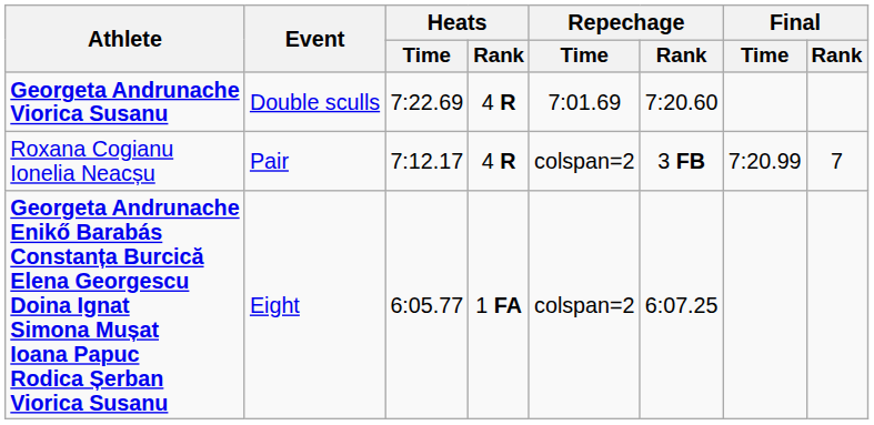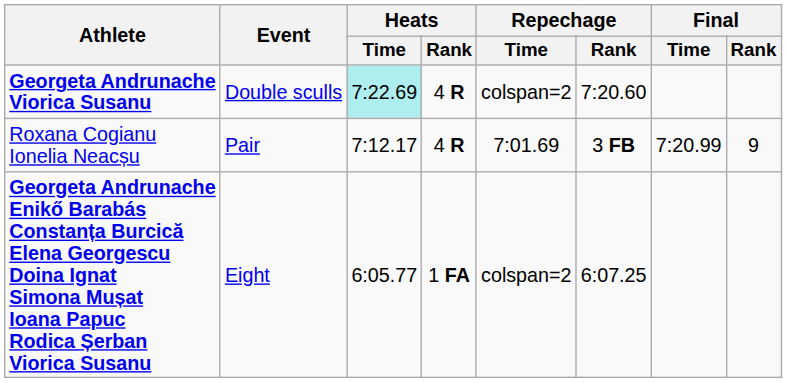 <table class="wikitable" style="font-size:90%">
 <tr>
 <th rowspan="2">Athlete</th>
 <th rowspan="2">Event</th>
 <th colspan="2">Heats</th>
 <th colspan="2">Repechage</th>
 <th colspan="2">Final</th>
 </tr>
 <tr style="font-size:95%">
 <th>Time</th>
 <th>Rank</th>
 <th>Time</th>
 <th>Rank</th>
 <th>Time</th>
 <th>Rank</th>
 </tr>
 <tr align=center>
 <td align=left><strong><a href='#'>Georgeta Andrunache</a><br><a href='#'>Viorica Susanu</a></strong></td>
 <td align=left><a href='#'>Double sculls</a></td>
-<td>7:22.69</td>
+<td style="background: paleturquoise;">7:22.69</td>
 <td>4 <strong>R</strong></td>
-<td>7:01.69</td>
+<td>colspan=2 </td>
 <td>7:20.60</td>
 <td></td>
 </tr>
 <tr align=center>
 <td align=left><a href='#'>Roxana Cogianu</a><br><a href='#'>Ionelia Neacșu</a></td>
 <td align=left><a href='#'>Pair</a></td>
 <td>7:12.17</td>
 <td>4 <strong>R</strong></td>
-<td>colspan=2 </td>
+<td>7:01.69</td>
 <td>3 <strong>FB</strong></td>
 <td>7:20.99</td>
-<td>7</td>
+<td>9</td>
 </tr>
 <tr align=center>
 <td align=left><strong><a href='#'>Georgeta Andrunache</a><br><a href='#'>Enikő Barabás</a><br><a href='#'>Constanța Burcică</a><br><a href='#'>Elena Georgescu</a><br><a href='#'>Doina Ignat</a><br><a href='#'>Simona Mușat</a><br><a href='#'>Ioana Papuc</a><br><a href='#'>Rodica Șerban</a><br><a href='#'>Viorica Susanu</a></strong></td>
 <td align=left><a href='#'>Eight</a></td>
 <td>6:05.77</td>
 <td>1 <strong>FA</strong></td>
 <td>colspan=2 </td>
 <td>6:07.25</td>
 <td></td>
 </tr>
 </table>
